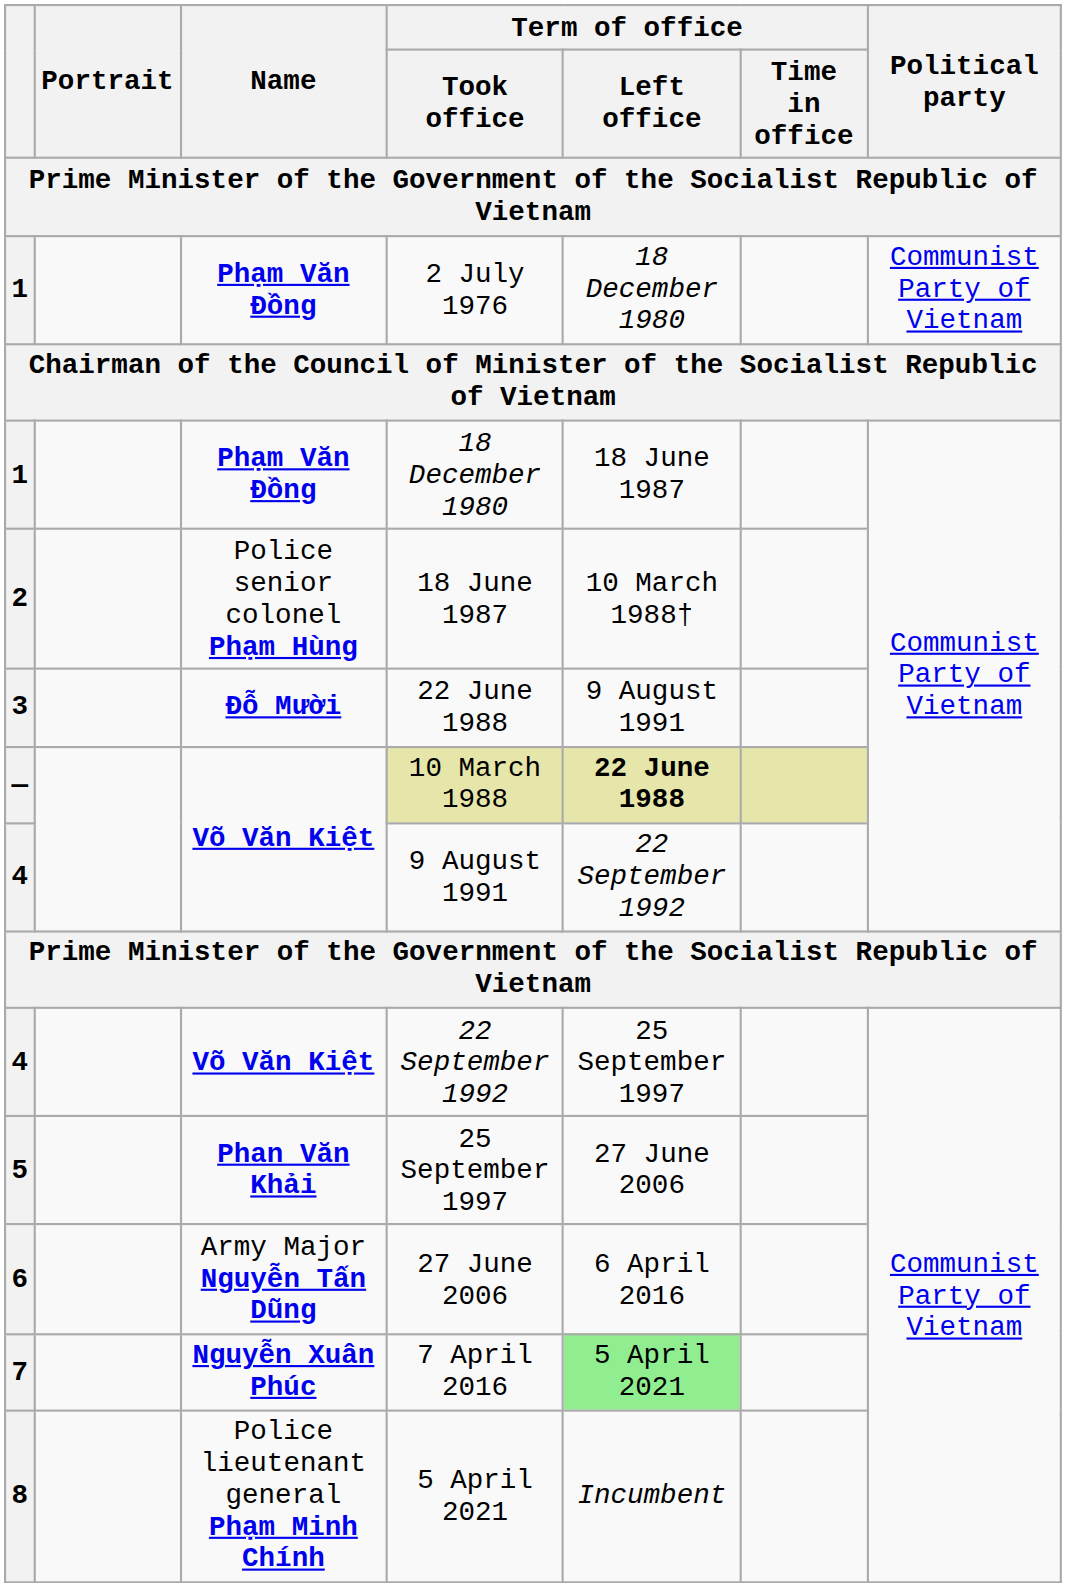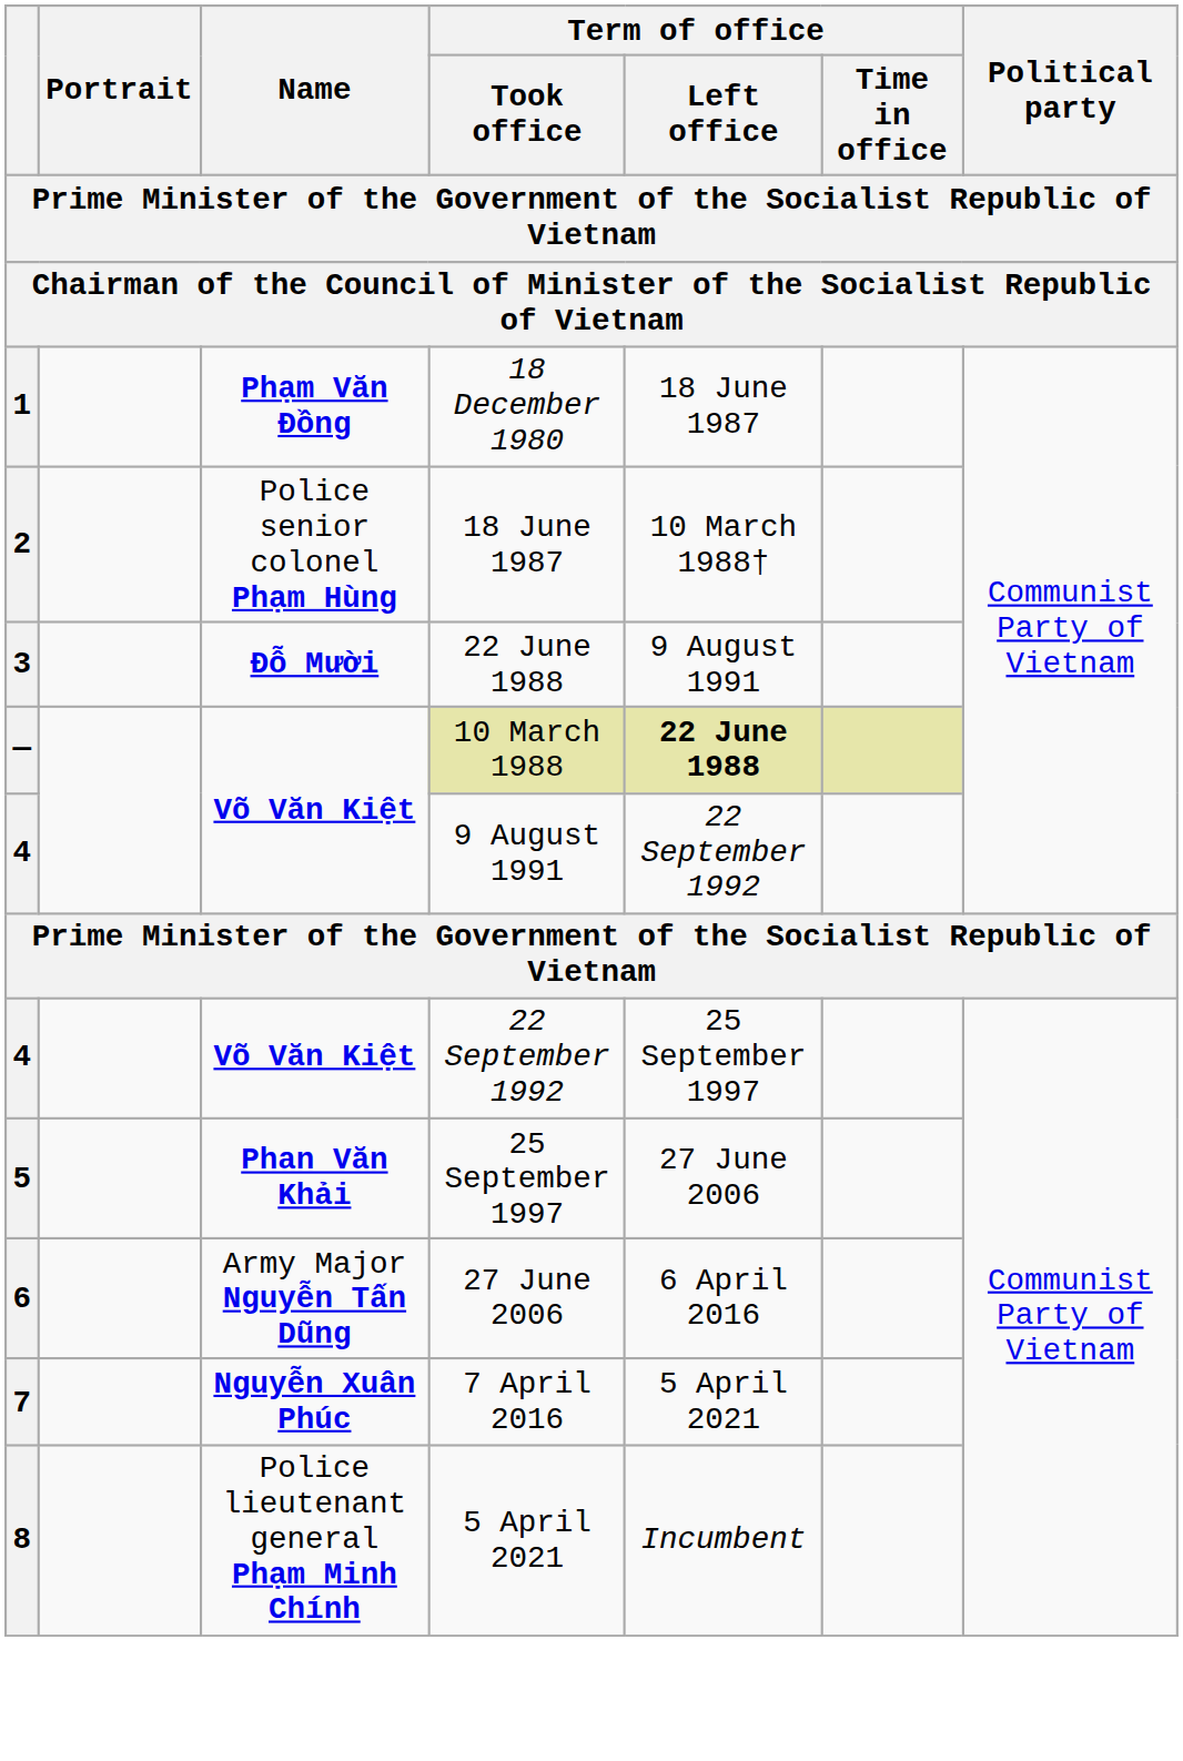 <table class="wikitable" style="text-align:center; border:1px #aaf solid; width:80%;">
 <tr>
 <th rowspan="2"></th>
 <th rowspan="2">Portrait</th>
 <th rowspan="2">Name<br></th>
 <th colspan="3">Term of office</th>
 <th rowspan="2">Political party</th>
 </tr>
 <tr>
 <th>Took office</th>
 <th>Left office</th>
 <th>Time in office</th>
 </tr>
 <tr>
 <th colspan=7>Prime Minister of the Government of the Socialist Republic of Vietnam</th>
-</tr>
-<tr>
-<th style="background:">1</th>
-<td></td>
-<td><strong><a href='#'>Phạm Văn Đồng</a></strong><br></td>
-<td>2 July 1976</td>
-<td><em>18 December 1980</em></td>
-<td></td>
-<td><a href='#'>Communist Party of Vietnam</a></td>
 </tr>
 <tr>
 <th colspan="7">Chairman of the Council of Minister of the Socialist Republic of Vietnam</th>
 </tr>
 <tr>
 <th style="background:">1</th>
 <td></td>
 <td><strong><a href='#'>Phạm Văn Đồng</a></strong><br></td>
 <td><em>18 December 1980</em></td>
 <td>18 June 1987</td>
 <td></td>
 <td rowspan="5"><a href='#'>Communist Party of Vietnam</a></td>
 </tr>
 <tr>
 <th style="background:">2</th>
 <td></td>
 <td>Police senior colonel<br><strong><a href='#'>Phạm Hùng</a></strong><br></td>
 <td>18 June 1987</td>
 <td>10 March 1988†</td>
 <td></td>
 </tr>
 <tr>
 <th style="background:">3</th>
 <td></td>
 <td><strong><a href='#'>Đỗ Mười</a></strong><br></td>
 <td>22 June 1988</td>
 <td>9 August 1991</td>
 <td></td>
 </tr>
 <tr>
 <th style="background:">—</th>
 <td rowspan="2"></td>
 <td rowspan="2"><strong><a href='#'>Võ Văn Kiệt</a></strong><br></td>
 <td style="background:#e6e6aa;">10 March 1988</td>
 <td style="background:#e6e6aa;"><strong>22 June 1988</strong></td>
 <td style="background:#e6e6aa;"></td>
 </tr>
 <tr>
 <th style="background:">4</th>
 <td>9 August 1991</td>
 <td><em>22 September 1992</em></td>
 <td></td>
 </tr>
 <tr>
 <th colspan="7">Prime Minister of the Government of the Socialist Republic of Vietnam</th>
 </tr>
 <tr>
 <th style="background:">4</th>
 <td></td>
 <td><strong><a href='#'>Võ Văn Kiệt</a></strong><br></td>
 <td><em>22 September 1992</em></td>
 <td>25 September 1997</td>
 <td></td>
 <td rowspan="5"><a href='#'>Communist Party of Vietnam</a></td>
 </tr>
 <tr>
 <th style="background:">5</th>
 <td></td>
 <td><strong><a href='#'>Phan Văn Khải</a></strong><br></td>
 <td>25 September 1997</td>
 <td>27 June 2006<br></td>
 <td></td>
 </tr>
 <tr>
 <th style="background:">6</th>
 <td></td>
 <td>Army Major<br><strong><a href='#'>Nguyễn Tấn Dũng</a></strong><br></td>
 <td>27 June 2006</td>
 <td>6 April 2016</td>
 <td></td>
 </tr>
 <tr>
 <th style="background:">7</th>
 <td></td>
 <td><strong><a href='#'>Nguyễn Xuân Phúc</a></strong><br></td>
 <td>7 April 2016</td>
-<td style="background: lightgreen;">5 April 2021</td>
+<td>5 April 2021</td>
 <td></td>
 </tr>
 <tr>
 <th style="background:">8</th>
 <td></td>
 <td>Police lieutenant general<br><strong><a href='#'>Phạm Minh Chính</a></strong><br></td>
 <td>5 April 2021</td>
 <td><em>Incumbent</em></td>
 <td></td>
 </tr>
 </table>
